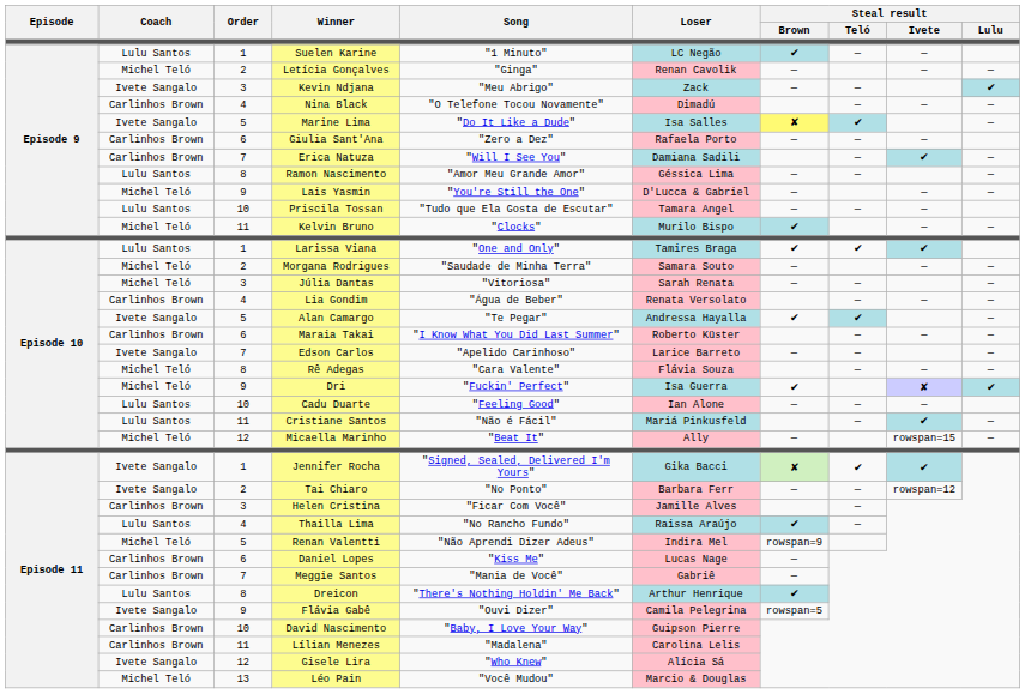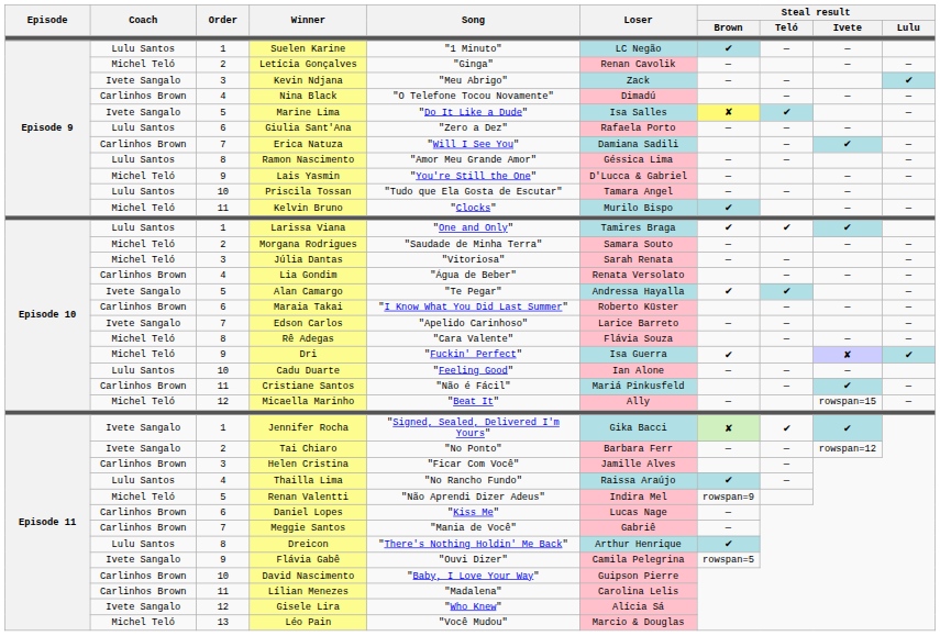 <table class="wikitable" style="text-align:center; width:100%;">
 <tr>
 <th scope="col" width="08%" rowspan=2>Episode</th>
 <th scope="col" width="10%" rowspan=2>Coach</th>
 <th scope="col" width="05%" rowspan=2>Order</th>
 <th scope="col" width="11%" rowspan=2>Winner</th>
 <th scope="col" width="20%" rowspan=2>Song</th>
 <th scope="col" width="11%" rowspan=2>Loser</th>
 <th scope="col" width="20%" colspan=4>Steal result</th>
 </tr>
 <tr>
 <th width="5%" scope="col">Brown</th>
 <th width="5%" scope="col">Teló</th>
 <th width="5%" scope="col">Ivete</th>
 <th width="5%" scope="col">Lulu</th>
 </tr>
 <tr>
 <td colspan=10 style="background:#555;"></td>
 </tr>
 <tr>
 <th rowspan=11>Episode 9<br></th>
 <td>Lulu Santos</td>
 <td>1</td>
 <td bgcolor=FDFC8F>Suelen Karine</td>
 <td>"1 Minuto"</td>
 <td bgcolor=B0E0E6>LC Negão</td>
 <td bgcolor=B0E0E6>✔</td>
 <td>—</td>
 <td>—</td>
 <td></td>
 </tr>
 <tr>
 <td>Michel Teló</td>
 <td>2</td>
 <td bgcolor=FDFC8F>Letícia Gonçalves</td>
 <td>"Ginga"</td>
 <td bgcolor=FFC0CB>Renan Cavolik</td>
 <td>—</td>
 <td></td>
 <td>—</td>
 <td>—</td>
 </tr>
 <tr>
 <td>Ivete Sangalo</td>
 <td>3</td>
 <td bgcolor=FDFC8F>Kevin Ndjana</td>
 <td>"Meu Abrigo"</td>
 <td bgcolor=B0E0E6>Zack</td>
 <td>—</td>
 <td>—</td>
 <td></td>
 <td bgcolor=B0E0E6>✔</td>
 </tr>
 <tr>
 <td>Carlinhos Brown</td>
 <td>4</td>
 <td bgcolor=FDFC8F>Nina Black</td>
 <td>"O Telefone Tocou Novamente"</td>
 <td bgcolor=FFC0CB>Dimadú</td>
 <td></td>
 <td>—</td>
 <td>—</td>
 <td>—</td>
 </tr>
 <tr>
 <td>Ivete Sangalo</td>
 <td>5</td>
 <td bgcolor=FDFC8F>Marine Lima</td>
 <td>"<a href='#'>Do It Like a Dude</a>"</td>
 <td bgcolor=B0E0E6>Isa Salles</td>
 <td bgcolor="#fffa73">✘</td>
 <td bgcolor=B0E0E6>✔</td>
 <td></td>
 <td>—</td>
 </tr>
 <tr>
-<td>Carlinhos Brown</td>
+<td>Lulu Santos</td>
 <td>6</td>
 <td bgcolor=FDFC8F>Giulia Sant'Ana</td>
 <td>"Zero a Dez"</td>
 <td bgcolor=FFC0CB>Rafaela Porto</td>
 <td>—</td>
 <td>—</td>
 <td>—</td>
 <td></td>
 </tr>
 <tr>
 <td>Carlinhos Brown</td>
 <td>7</td>
 <td bgcolor=FDFC8F>Erica Natuza</td>
 <td>"<a href='#'>Will I See You</a>"</td>
 <td bgcolor=B0E0E6>Damiana Sadili</td>
 <td></td>
 <td>—</td>
 <td bgcolor=B0E0E6>✔</td>
 <td>—</td>
 </tr>
 <tr>
 <td>Lulu Santos</td>
 <td>8</td>
 <td bgcolor=FDFC8F>Ramon Nascimento</td>
 <td>"Amor Meu Grande Amor"</td>
 <td bgcolor=FFC0CB>Géssica Lima</td>
 <td>—</td>
 <td>—</td>
 <td></td>
 <td>—</td>
 </tr>
 <tr>
 <td>Michel Teló</td>
 <td>9</td>
 <td bgcolor=FDFC8F>Lais Yasmin</td>
 <td>"<a href='#'>You're Still the One</a>"</td>
 <td bgcolor=FFC0CB>D'Lucca & Gabriel</td>
 <td>—</td>
 <td></td>
 <td>—</td>
 <td>—</td>
 </tr>
 <tr>
 <td>Lulu Santos</td>
 <td>10</td>
 <td bgcolor=FDFC8F>Priscila Tossan</td>
 <td>"Tudo que Ela Gosta de Escutar"</td>
 <td bgcolor=FFC0CB>Tamara Angel</td>
 <td>—</td>
 <td>—</td>
 <td>—</td>
 <td></td>
 </tr>
 <tr>
 <td>Michel Teló</td>
 <td>11</td>
 <td bgcolor=FDFC8F>Kelvin Bruno</td>
 <td>"<a href='#'>Clocks</a>"</td>
 <td bgcolor=B0E0E6>Murilo Bispo</td>
 <td bgcolor=B0E0E6>✔</td>
 <td></td>
 <td>—</td>
 <td>—</td>
 </tr>
 <tr>
 <td colspan=10 style="background:#555;"></td>
 </tr>
 <tr>
 <th rowspan=12>Episode 10<br></th>
 <td>Lulu Santos</td>
 <td>1</td>
 <td bgcolor=FDFC8F>Larissa Viana</td>
 <td>"<a href='#'>One and Only</a>"</td>
 <td bgcolor=B0E0E6>Tamires Braga</td>
 <td>✔</td>
 <td>✔</td>
 <td bgcolor=B0E0E6>✔</td>
 <td></td>
 </tr>
 <tr>
 <td>Michel Teló</td>
 <td>2</td>
 <td bgcolor=FDFC8F>Morgana Rodrigues</td>
 <td>"Saudade de Minha Terra"</td>
 <td bgcolor=FFC0CB>Samara Souto</td>
 <td>—</td>
 <td></td>
 <td>—</td>
 <td>—</td>
 </tr>
 <tr>
 <td>Michel Teló</td>
 <td>3</td>
 <td bgcolor=FDFC8F>Júlia Dantas</td>
 <td>"Vitoriosa"</td>
 <td bgcolor=FFC0CB>Sarah Renata</td>
 <td>—</td>
 <td>—</td>
 <td></td>
 <td>—</td>
 </tr>
 <tr>
 <td>Carlinhos Brown</td>
 <td>4</td>
 <td bgcolor=FDFC8F>Lia Gondim</td>
 <td>"Água de Beber"</td>
 <td bgcolor=FFC0CB>Renata Versolato</td>
 <td></td>
 <td>—</td>
 <td>—</td>
 <td>—</td>
 </tr>
 <tr>
 <td>Ivete Sangalo</td>
 <td>5</td>
 <td bgcolor=FDFC8F>Alan Camargo</td>
 <td>"Te Pegar"</td>
 <td bgcolor=B0E0E6>Andressa Hayalla</td>
 <td>✔</td>
 <td bgcolor=B0E0E6>✔</td>
 <td></td>
 <td>—</td>
 </tr>
 <tr>
 <td>Carlinhos Brown</td>
 <td>6</td>
 <td bgcolor=FDFC8F>Maraia Takai</td>
 <td>"<a href='#'>I Know What You Did Last Summer</a>"</td>
 <td bgcolor=FFC0CB>Roberto Küster</td>
 <td></td>
 <td>—</td>
 <td>—</td>
 <td>—</td>
 </tr>
 <tr>
 <td>Ivete Sangalo</td>
 <td>7</td>
 <td bgcolor=FDFC8F>Edson Carlos</td>
 <td>"Apelido Carinhoso"</td>
 <td bgcolor=FFC0CB>Larice Barreto</td>
 <td>—</td>
 <td>—</td>
 <td></td>
 <td>—</td>
 </tr>
 <tr>
 <td>Michel Teló</td>
 <td>8</td>
 <td bgcolor=FDFC8F>Rê Adegas</td>
 <td>"Cara Valente"</td>
 <td bgcolor=FFC0CB>Flávia Souza</td>
 <td></td>
 <td>—</td>
 <td>—</td>
 <td>—</td>
 </tr>
 <tr>
 <td>Michel Teló</td>
 <td>9</td>
 <td bgcolor=FDFC8F>Dri</td>
 <td>"<a href='#'>Fuckin' Perfect</a>"</td>
 <td bgcolor=B0E0E6>Isa Guerra</td>
 <td>✔</td>
 <td></td>
 <td bgcolor="#ccccff">✘</td>
 <td bgcolor=B0E0E6>✔</td>
 </tr>
 <tr>
 <td>Lulu Santos</td>
 <td>10</td>
 <td bgcolor=FDFC8F>Cadu Duarte</td>
 <td>"<a href='#'>Feeling Good</a>"</td>
 <td bgcolor=FFC0CB>Ian Alone</td>
 <td>—</td>
 <td>—</td>
 <td>—</td>
 <td></td>
 </tr>
 <tr>
-<td>Lulu Santos</td>
+<td>Carlinhos Brown</td>
 <td>11</td>
 <td bgcolor=FDFC8F>Cristiane Santos</td>
 <td>"Não é Fácil"</td>
 <td bgcolor=B0E0E6>Mariá Pinkusfeld</td>
 <td></td>
 <td>—</td>
 <td bgcolor=B0E0E6>✔</td>
 <td>—</td>
 </tr>
 <tr>
 <td>Michel Teló</td>
 <td>12</td>
 <td bgcolor=FDFC8F>Micaella Marinho</td>
 <td>"<a href='#'>Beat It</a>"</td>
 <td bgcolor=FFC0CB>Ally</td>
 <td>—</td>
 <td></td>
 <td>rowspan=15 </td>
 <td>—</td>
 </tr>
 <tr>
 <td colspan=10 style="background:#555;"></td>
 </tr>
 <tr>
 <th rowspan=13>Episode 11<br></th>
 <td>Ivete Sangalo</td>
 <td>1</td>
 <td bgcolor=FDFC8F>Jennifer Rocha</td>
 <td>"<a href='#'>Signed, Sealed, Delivered I'm Yours</a>"</td>
 <td bgcolor=B0E0E6>Gika Bacci</td>
 <td bgcolor="#d0f0c0">✘</td>
 <td>✔</td>
 <td bgcolor=B0E0E6>✔</td>
 </tr>
 <tr>
 <td>Ivete Sangalo</td>
 <td>2</td>
 <td bgcolor=FDFC8F>Tai Chiaro</td>
 <td>"No Ponto"</td>
 <td bgcolor=FFC0CB>Barbara Ferr</td>
 <td>—</td>
 <td>—</td>
 <td>rowspan=12 </td>
 </tr>
 <tr>
 <td>Carlinhos Brown</td>
 <td>3</td>
 <td bgcolor=FDFC8F>Helen Cristina</td>
 <td>"Ficar Com Você"</td>
 <td bgcolor=FFC0CB>Jamille Alves</td>
 <td></td>
 <td>—</td>
 </tr>
 <tr>
 <td>Lulu Santos</td>
 <td>4</td>
 <td bgcolor=FDFC8F>Thailla Lima</td>
 <td>"No Rancho Fundo"</td>
 <td bgcolor=B0E0E6>Raissa Araújo</td>
 <td bgcolor=B0E0E6>✔</td>
 <td>—</td>
 </tr>
 <tr>
 <td>Michel Teló</td>
 <td>5</td>
 <td bgcolor=FDFC8F>Renan Valentti</td>
 <td>"Não Aprendi Dizer Adeus"</td>
 <td bgcolor=FFC0CB>Indira Mel</td>
 <td>rowspan=9 </td>
 <td></td>
 </tr>
 <tr>
 <td>Carlinhos Brown</td>
 <td>6</td>
 <td bgcolor=FDFC8F>Daniel Lopes</td>
 <td>"<a href='#'>Kiss Me</a>"</td>
 <td bgcolor=FFC0CB>Lucas Nage</td>
 <td>—</td>
 </tr>
 <tr>
 <td>Carlinhos Brown</td>
 <td>7</td>
 <td bgcolor=FDFC8F>Meggie Santos</td>
 <td>"Mania de Você"</td>
 <td bgcolor=FFC0CB>Gabriê</td>
 <td>—</td>
 </tr>
 <tr>
 <td>Lulu Santos</td>
 <td>8</td>
 <td bgcolor=FDFC8F>Dreicon</td>
 <td>"<a href='#'>There's Nothing Holdin' Me Back</a>"</td>
 <td bgcolor=B0E0E6>Arthur Henrique</td>
 <td bgcolor=B0E0E6>✔</td>
 </tr>
 <tr>
 <td>Ivete Sangalo</td>
 <td>9</td>
 <td bgcolor=FDFC8F>Flávia Gabê</td>
 <td>"Ouvi Dizer"</td>
 <td bgcolor=FFC0CB>Camila Pelegrina</td>
 <td>rowspan=5 </td>
 </tr>
 <tr>
 <td>Carlinhos Brown</td>
 <td>10</td>
 <td bgcolor=FDFC8F>David Nascimento</td>
 <td>"<a href='#'>Baby, I Love Your Way</a>"</td>
 <td bgcolor=FFC0CB>Guipson Pierre</td>
 </tr>
 <tr>
 <td>Carlinhos Brown</td>
 <td>11</td>
 <td bgcolor=FDFC8F>Lílian Menezes</td>
 <td>"Madalena"</td>
 <td bgcolor=FFC0CB>Carolina Lelis</td>
 </tr>
 <tr>
 <td>Ivete Sangalo</td>
 <td>12</td>
 <td bgcolor=FDFC8F>Gisele Lira</td>
 <td>"<a href='#'>Who Knew</a>"</td>
 <td bgcolor=FFC0CB>Alícia Sá</td>
 </tr>
 <tr>
 <td>Michel Teló</td>
 <td>13</td>
 <td bgcolor=FDFC8F>Léo Pain</td>
 <td>"Você Mudou"</td>
 <td bgcolor=FFC0CB>Marcio & Douglas</td>
 </tr>
 </table>
